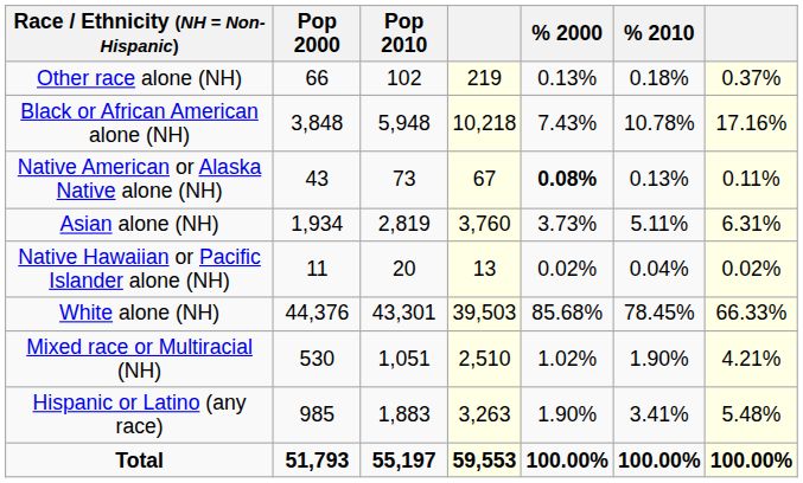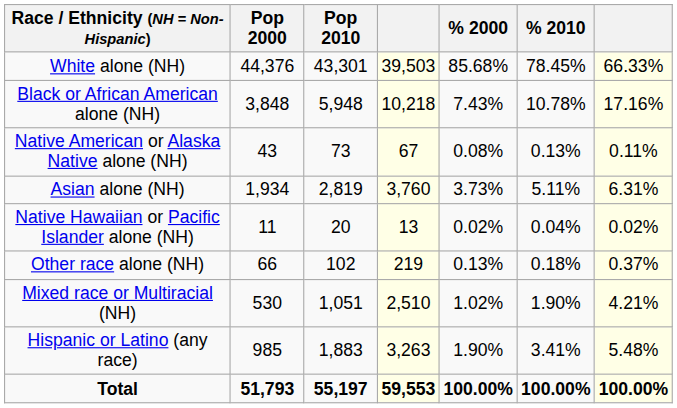 <table class="wikitable" style="text-align:center;">
 <tr>
 <th>Race / Ethnicity <small>(<em>NH = Non-Hispanic</em>)</small></th>
 <th>Pop 2000</th>
 <th>Pop 2010</th>
 <th></th>
 <th>% 2000</th>
 <th>% 2010</th>
 <th></th>
 </tr>
 <tr>
-<td><a href='#'>Other race</a> alone (NH)</td>
-<td>66</td>
-<td>102</td>
-<td style='background: #ffffe6;'>219</td>
-<td>0.13%</td>
-<td>0.18%</td>
-<td style='background: #ffffe6;'>0.37%</td>
+<td><a href='#'>White</a> alone (NH)</td>
+<td>44,376</td>
+<td>43,301</td>
+<td style='background: #ffffe6;'>39,503</td>
+<td>85.68%</td>
+<td>78.45%</td>
+<td style='background: #ffffe6;'>66.33%</td>
 </tr>
 <tr>
 <td><a href='#'>Black or African American</a> alone (NH)</td>
 <td>3,848</td>
 <td>5,948</td>
 <td style='background: #ffffe6;'>10,218</td>
 <td>7.43%</td>
 <td>10.78%</td>
 <td style='background: #ffffe6;'>17.16%</td>
 </tr>
 <tr>
 <td><a href='#'>Native American</a> or <a href='#'>Alaska Native</a> alone (NH)</td>
 <td>43</td>
 <td>73</td>
 <td style='background: #ffffe6;'>67</td>
-<td><strong>0.08%</strong></td>
+<td>0.08%</td>
 <td>0.13%</td>
 <td style='background: #ffffe6;'>0.11%</td>
 </tr>
 <tr>
 <td><a href='#'>Asian</a> alone (NH)</td>
 <td>1,934</td>
 <td>2,819</td>
 <td style='background: #ffffe6;'>3,760</td>
 <td>3.73%</td>
 <td>5.11%</td>
 <td style='background: #ffffe6;'>6.31%</td>
 </tr>
 <tr>
 <td><a href='#'>Native Hawaiian</a> or <a href='#'>Pacific Islander</a> alone (NH)</td>
 <td>11</td>
 <td>20</td>
 <td style='background: #ffffe6;'>13</td>
 <td>0.02%</td>
 <td>0.04%</td>
 <td style='background: #ffffe6;'>0.02%</td>
 </tr>
 <tr>
-<td><a href='#'>White</a> alone (NH)</td>
-<td>44,376</td>
-<td>43,301</td>
-<td style='background: #ffffe6;'>39,503</td>
-<td>85.68%</td>
-<td>78.45%</td>
-<td style='background: #ffffe6;'>66.33%</td>
+<td><a href='#'>Other race</a> alone (NH)</td>
+<td>66</td>
+<td>102</td>
+<td style='background: #ffffe6;'>219</td>
+<td>0.13%</td>
+<td>0.18%</td>
+<td style='background: #ffffe6;'>0.37%</td>
 </tr>
 <tr>
 <td><a href='#'>Mixed race or Multiracial</a> (NH)</td>
 <td>530</td>
 <td>1,051</td>
 <td style='background: #ffffe6;'>2,510</td>
 <td>1.02%</td>
 <td>1.90%</td>
 <td style='background: #ffffe6;'>4.21%</td>
 </tr>
 <tr>
 <td><a href='#'>Hispanic or Latino</a> (any race)</td>
 <td>985</td>
 <td>1,883</td>
 <td style='background: #ffffe6;'>3,263</td>
 <td>1.90%</td>
 <td>3.41%</td>
 <td style='background: #ffffe6;'>5.48%</td>
 </tr>
 <tr>
 <td><strong>Total</strong></td>
 <td><strong>51,793</strong></td>
 <td><strong>55,197</strong></td>
 <td style='background: #ffffe6;'><strong>59,553</strong></td>
 <td><strong>100.00%</strong></td>
 <td><strong>100.00%</strong></td>
 <td style='background: #ffffe6;'><strong>100.00%</strong></td>
 </tr>
 </table>
